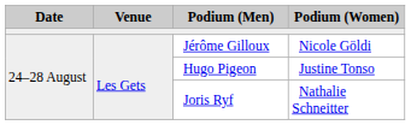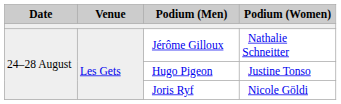 <table class="wikitable" width=70% bgcolor="#f7f8ff" cellpadding="3" cellspacing="0" border="1" style="font-size: 95%; border: gray solid 1px; border-collapse: collapse;">
 <tr bgcolor="#CCCCCC">
 <td align="center"><strong>Date</strong></td>
 <td width=20% align="center"><strong>Venue</strong></td>
 <td width=29% align="center"><strong>Podium (Men)</strong></td>
 <td width=29% align="center"><strong>Podium (Women)</strong></td>
 </tr>
 <tr bgcolor="#EFEFEF">
 <td colspan=4></td>
 </tr>
 <tr bgcolor="#EFEFEF">
 <td rowspan=3>24–28 August</td>
 <td rowspan=3><br><a href='#'>Les Gets</a></td>
 <td bgcolor="#ffffff">    <a href='#'>Jérôme Gilloux</a></td>
-<td bgcolor="#ffffff">    <a href='#'>Nicole Göldi</a></td>
+<td bgcolor="#ffffff">    <a href='#'>Nathalie Schneitter</a></td>
 </tr>
 <tr>
 <td bgcolor="#ffffff">    <a href='#'>Hugo Pigeon</a></td>
 <td bgcolor="#ffffff">    <a href='#'>Justine Tonso</a></td>
 </tr>
 <tr>
 <td bgcolor="#ffffff">    <a href='#'>Joris Ryf</a></td>
-<td bgcolor="#ffffff">    <a href='#'>Nathalie Schneitter</a></td>
+<td bgcolor="#ffffff">    <a href='#'>Nicole Göldi</a></td>
 </tr>
 </table>
